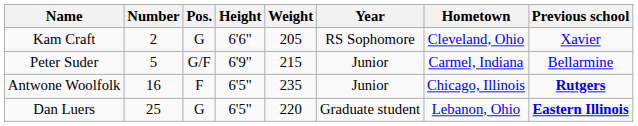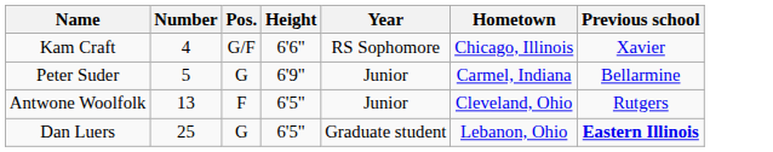 <table class="wikitable sortable" style="text-align:center">
 <tr align=center>
 <th>Name</th>
 <th>Number</th>
 <th>Pos.</th>
 <th>Height</th>
-<th>Weight</th>
 <th>Year</th>
 <th>Hometown</th>
 <th class="unsortable">Previous school</th>
 </tr>
 <tr>
 <td>Kam Craft</td>
-<td>2</td>
-<td>G</td>
+<td>4</td>
+<td>G/F</td>
 <td>6'6"</td>
-<td>205</td>
 <td>RS Sophomore</td>
-<td><a href='#'>Cleveland, Ohio</a></td>
+<td><a href='#'>Chicago, Illinois</a></td>
 <td><a href='#'>Xavier</a></td>
 </tr>
 <tr>
 <td>Peter Suder</td>
 <td>5</td>
-<td>G/F</td>
+<td>G</td>
 <td>6'9"</td>
-<td>215</td>
 <td>Junior</td>
 <td><a href='#'>Carmel, Indiana</a></td>
 <td><a href='#'>Bellarmine</a></td>
 </tr>
 <tr>
 <td>Antwone Woolfolk</td>
-<td>16</td>
+<td>13</td>
 <td>F</td>
 <td>6'5"</td>
-<td>235</td>
 <td>Junior</td>
-<td><a href='#'>Chicago, Illinois</a></td>
-<td><strong><a href='#'>Rutgers</a></strong></td>
+<td><a href='#'>Cleveland, Ohio</a></td>
+<td><a href='#'>Rutgers</a></td>
 </tr>
 <tr>
 <td>Dan Luers</td>
 <td>25</td>
 <td>G</td>
 <td>6'5"</td>
-<td>220</td>
 <td>Graduate student</td>
 <td><a href='#'>Lebanon, Ohio</a></td>
 <td><strong><a href='#'>Eastern Illinois</a></strong></td>
 </tr>
 </table>
